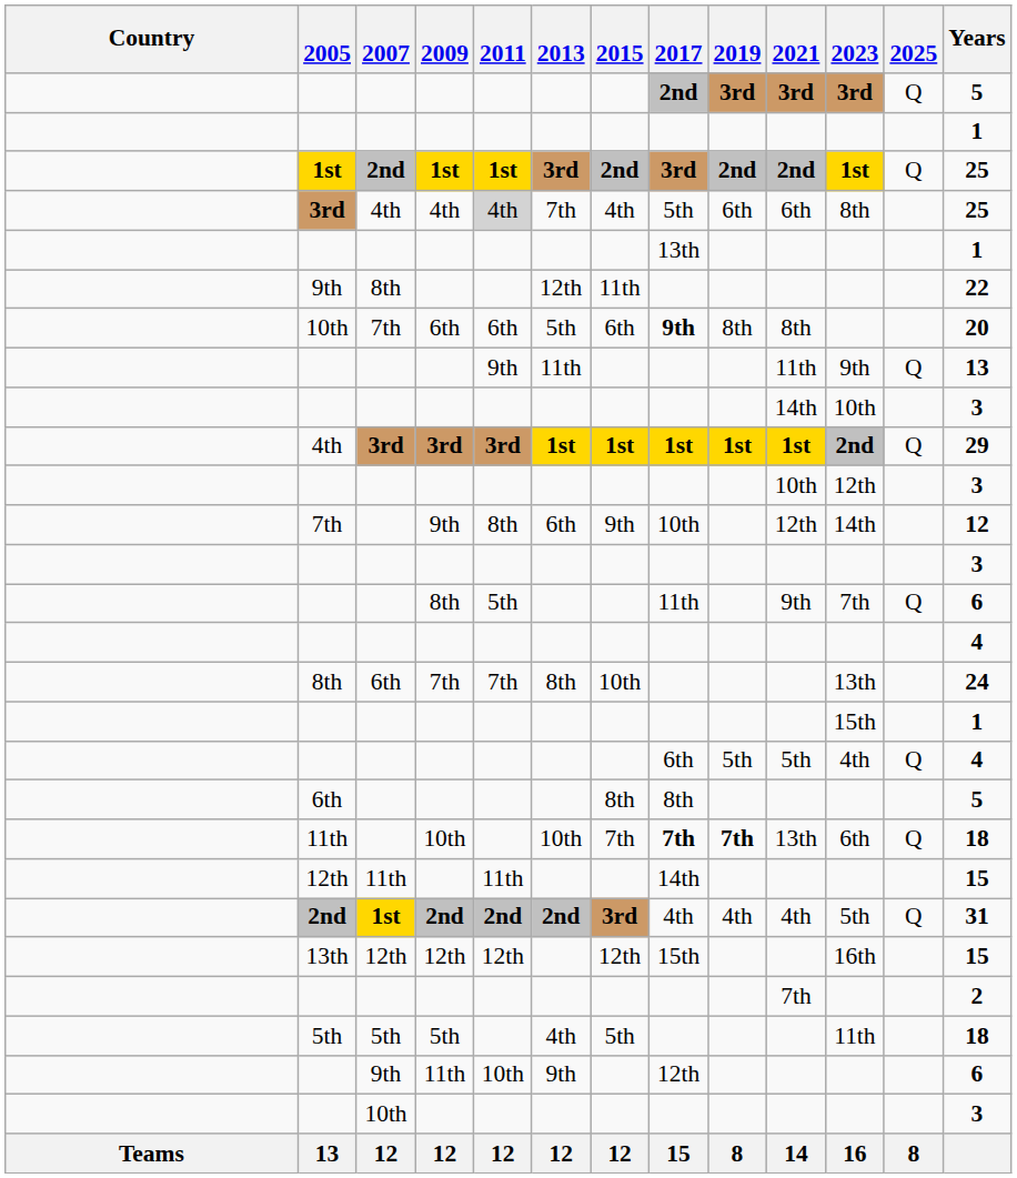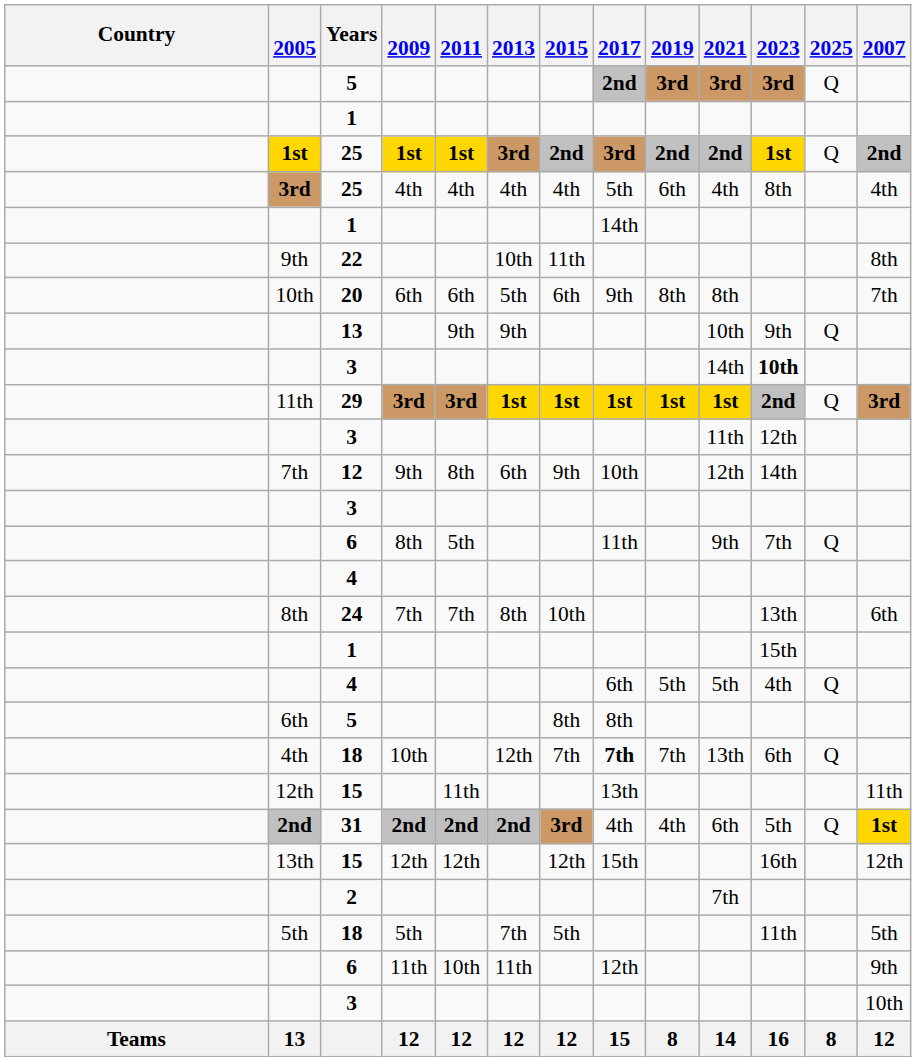 <table class="wikitable" style="text-align:center; font-size:90%">
 <tr>
 <th width=170>Country</th>
 <th><br><a href='#'>2005</a></th>
-<th><br><a href='#'>2007</a></th>
+<th>Years</th>
 <th><br><a href='#'>2009</a></th>
 <th><br><a href='#'>2011</a></th>
 <th><br><a href='#'>2013</a></th>
 <th><br><a href='#'>2015</a></th>
 <th><br><a href='#'>2017</a></th>
 <th><br><a href='#'>2019</a></th>
 <th><br><a href='#'>2021</a></th>
 <th><br><a href='#'>2023</a></th>
 <th><br><a href='#'>2025</a></th>
-<th>Years</th>
+<th><br><a href='#'>2007</a></th>
 </tr>
 <tr>
 <td align=left></td>
 <td></td>
-<td></td>
+<td><strong>5</strong></td>
 <td></td>
 <td></td>
 <td></td>
 <td></td>
 <td bgcolor=silver><strong>2nd</strong></td>
 <td bgcolor=#cc9966><strong>3rd</strong></td>
 <td bgcolor=#cc9966><strong>3rd</strong></td>
 <td bgcolor=#cc9966><strong>3rd</strong></td>
 <td>Q</td>
-<td><strong>5</strong></td>
+<td></td>
 </tr>
 <tr>
 <td align=left></td>
+<td></td>
+<td><strong>1</strong></td>
 <td></td>
 <td></td>
 <td></td>
 <td></td>
 <td></td>
 <td></td>
 <td></td>
 <td></td>
 <td></td>
 <td></td>
-<td></td>
-<td><strong>1</strong></td>
 </tr>
 <tr>
 <td align=left></td>
 <td bgcolor=gold><strong>1st</strong></td>
-<td bgcolor=silver><strong>2nd</strong></td>
+<td><strong>25</strong></td>
 <td bgcolor=gold><strong>1st</strong></td>
 <td bgcolor=gold><strong>1st</strong></td>
 <td bgcolor=#cc9966><strong>3rd</strong></td>
 <td bgcolor=silver><strong>2nd</strong></td>
 <td bgcolor=#cc9966><strong>3rd</strong></td>
 <td bgcolor=silver><strong>2nd</strong></td>
 <td bgcolor=silver><strong>2nd</strong></td>
 <td bgcolor=gold><strong>1st</strong></td>
 <td>Q</td>
-<td><strong>25</strong></td>
+<td bgcolor=silver><strong>2nd</strong></td>
 </tr>
 <tr>
 <td align=left></td>
 <td bgcolor=#cc9966><strong>3rd</strong></td>
+<td><strong>25</strong></td>
 <td>4th</td>
 <td>4th</td>
-<td style="background: lightgrey;">4th</td>
-<td>7th</td>
+<td>4th</td>
 <td>4th</td>
 <td>5th</td>
 <td>6th</td>
-<td>6th</td>
+<td>4th</td>
 <td>8th</td>
 <td></td>
-<td><strong>25</strong></td>
+<td>4th</td>
 </tr>
 <tr>
 <td align=left></td>
+<td></td>
+<td><strong>1</strong></td>
+<td></td>
+<td></td>
+<td></td>
+<td></td>
+<td>14th</td>
 <td></td>
 <td></td>
 <td></td>
 <td></td>
 <td></td>
-<td></td>
-<td>13th</td>
-<td></td>
-<td></td>
-<td></td>
-<td></td>
-<td><strong>1</strong></td>
 </tr>
 <tr>
 <td align=left></td>
 <td>9th</td>
-<td>8th</td>
+<td><strong>22</strong></td>
 <td></td>
 <td></td>
-<td>12th</td>
+<td>10th</td>
 <td>11th</td>
 <td></td>
 <td></td>
 <td></td>
 <td></td>
 <td></td>
-<td><strong>22</strong></td>
+<td>8th</td>
 </tr>
 <tr>
 <td align=left></td>
 <td>10th</td>
-<td>7th</td>
+<td><strong>20</strong></td>
 <td>6th</td>
 <td>6th</td>
 <td>5th</td>
 <td>6th</td>
-<td><strong>9th</strong></td>
+<td>9th</td>
 <td>8th</td>
 <td>8th</td>
 <td></td>
 <td></td>
-<td><strong>20</strong></td>
+<td>7th</td>
 </tr>
 <tr>
 <td align=left></td>
 <td></td>
-<td></td>
+<td><strong>13</strong></td>
 <td></td>
 <td>9th</td>
-<td>11th</td>
+<td>9th</td>
 <td></td>
 <td></td>
 <td></td>
-<td>11th</td>
+<td>10th</td>
 <td>9th</td>
 <td>Q</td>
-<td><strong>13</strong></td>
+<td></td>
 </tr>
 <tr>
 <td align=left></td>
 <td></td>
-<td></td>
+<td><strong>3</strong></td>
 <td></td>
 <td></td>
 <td></td>
 <td></td>
 <td></td>
 <td></td>
 <td>14th</td>
-<td>10th</td>
+<td><strong>10th</strong></td>
 <td></td>
-<td><strong>3</strong></td>
+<td></td>
 </tr>
 <tr>
 <td align=left></td>
-<td>4th</td>
-<td bgcolor=#cc9966><strong>3rd</strong></td>
+<td>11th</td>
+<td><strong>29</strong></td>
 <td bgcolor=#cc9966><strong>3rd</strong></td>
 <td bgcolor=#cc9966><strong>3rd</strong></td>
 <td bgcolor=gold><strong>1st</strong></td>
 <td bgcolor=gold><strong>1st</strong></td>
 <td bgcolor=gold><strong>1st</strong></td>
 <td bgcolor=gold><strong>1st</strong></td>
 <td bgcolor=gold><strong>1st</strong></td>
 <td bgcolor=silver><strong>2nd</strong></td>
 <td>Q</td>
-<td><strong>29</strong></td>
+<td bgcolor=#cc9966><strong>3rd</strong></td>
 </tr>
 <tr>
 <td align=left></td>
+<td></td>
+<td><strong>3</strong></td>
 <td></td>
 <td></td>
 <td></td>
 <td></td>
 <td></td>
 <td></td>
+<td>11th</td>
+<td>12th</td>
 <td></td>
 <td></td>
-<td>10th</td>
-<td>12th</td>
-<td></td>
-<td><strong>3</strong></td>
 </tr>
 <tr>
 <td align=left></td>
 <td>7th</td>
-<td></td>
+<td><strong>12</strong></td>
 <td>9th</td>
 <td>8th</td>
 <td>6th</td>
 <td>9th</td>
 <td>10th</td>
 <td></td>
 <td>12th</td>
 <td>14th</td>
 <td></td>
-<td><strong>12</strong></td>
+<td></td>
 </tr>
 <tr>
 <td align=left></td>
+<td></td>
+<td><strong>3</strong></td>
 <td></td>
 <td></td>
 <td></td>
 <td></td>
 <td></td>
 <td></td>
 <td></td>
 <td></td>
 <td></td>
 <td></td>
-<td></td>
-<td><strong>3</strong></td>
 </tr>
 <tr>
 <td align=left></td>
 <td></td>
-<td></td>
+<td><strong>6</strong></td>
 <td>8th</td>
 <td>5th</td>
 <td></td>
 <td></td>
 <td>11th</td>
 <td></td>
 <td>9th</td>
 <td>7th</td>
 <td>Q</td>
-<td><strong>6</strong></td>
+<td></td>
 </tr>
 <tr>
 <td align=left></td>
+<td></td>
+<td><strong>4</strong></td>
 <td></td>
 <td></td>
 <td></td>
 <td></td>
 <td></td>
 <td></td>
 <td></td>
 <td></td>
 <td></td>
 <td></td>
-<td></td>
-<td><strong>4</strong></td>
 </tr>
 <tr>
 <td align=left></td>
 <td>8th</td>
-<td>6th</td>
+<td><strong>24</strong></td>
 <td>7th</td>
 <td>7th</td>
 <td>8th</td>
 <td>10th</td>
 <td></td>
 <td></td>
 <td></td>
 <td>13th</td>
 <td></td>
-<td><strong>24</strong></td>
+<td>6th</td>
 </tr>
 <tr>
 <td align=left></td>
+<td></td>
+<td><strong>1</strong></td>
+<td></td>
+<td></td>
+<td></td>
+<td></td>
+<td></td>
+<td></td>
+<td></td>
+<td>15th</td>
+<td></td>
+<td></td>
+</tr>
+<tr>
+<td align=left></td>
+<td></td>
+<td><strong>4</strong></td>
+<td></td>
+<td></td>
+<td></td>
+<td></td>
+<td>6th</td>
+<td>5th</td>
+<td>5th</td>
+<td>4th</td>
+<td>Q</td>
+<td></td>
+</tr>
+<tr>
+<td align=left></td>
+<td>6th</td>
+<td><strong>5</strong></td>
+<td></td>
+<td></td>
+<td></td>
+<td>8th</td>
+<td>8th</td>
+<td></td>
+<td></td>
+<td></td>
+<td></td>
+<td></td>
+</tr>
+<tr>
+<td align=left></td>
+<td>4th</td>
+<td><strong>18</strong></td>
+<td>10th</td>
+<td></td>
+<td>12th</td>
+<td>7th</td>
+<td><strong>7th</strong></td>
+<td>7th</td>
+<td>13th</td>
+<td>6th</td>
+<td>Q</td>
+<td></td>
+</tr>
+<tr>
+<td align=left></td>
+<td>12th</td>
+<td><strong>15</strong></td>
+<td></td>
+<td>11th</td>
+<td></td>
+<td></td>
+<td>13th</td>
+<td></td>
+<td></td>
+<td></td>
+<td></td>
+<td>11th</td>
+</tr>
+<tr>
+<td align=left></td>
+<td bgcolor=silver><strong>2nd</strong></td>
+<td><strong>31</strong></td>
+<td bgcolor=silver><strong>2nd</strong></td>
+<td bgcolor=silver><strong>2nd</strong></td>
+<td bgcolor=silver><strong>2nd</strong></td>
+<td bgcolor=#cc9966><strong>3rd</strong></td>
+<td>4th</td>
+<td>4th</td>
+<td>6th</td>
+<td>5th</td>
+<td>Q</td>
+<td bgcolor=gold><strong>1st</strong></td>
+</tr>
+<tr>
+<td align=left></td>
+<td>13th</td>
+<td><strong>15</strong></td>
+<td>12th</td>
+<td>12th</td>
+<td></td>
+<td>12th</td>
+<td>15th</td>
+<td></td>
+<td></td>
+<td>16th</td>
+<td></td>
+<td>12th</td>
+</tr>
+<tr>
+<td align=left></td>
+<td></td>
+<td><strong>2</strong></td>
+<td></td>
+<td></td>
+<td></td>
+<td></td>
+<td></td>
+<td></td>
+<td>7th</td>
+<td></td>
+<td></td>
+<td></td>
+</tr>
+<tr>
+<td align=left></td>
+<td>5th</td>
+<td><strong>18</strong></td>
+<td>5th</td>
+<td></td>
+<td>7th</td>
+<td>5th</td>
+<td></td>
+<td></td>
+<td></td>
+<td>11th</td>
+<td></td>
+<td>5th</td>
+</tr>
+<tr>
+<td align=left></td>
+<td></td>
+<td><strong>6</strong></td>
+<td>11th</td>
+<td>10th</td>
+<td>11th</td>
+<td></td>
+<td>12th</td>
+<td></td>
+<td></td>
+<td></td>
+<td></td>
+<td>9th</td>
+</tr>
+<tr>
+<td align=left></td>
+<td></td>
+<td><strong>3</strong></td>
 <td></td>
 <td></td>
 <td></td>
 <td></td>
 <td></td>
 <td></td>
 <td></td>
 <td></td>
 <td></td>
-<td>15th</td>
-<td></td>
-<td><strong>1</strong></td>
-</tr>
-<tr>
-<td align=left></td>
-<td></td>
-<td></td>
-<td></td>
-<td></td>
-<td></td>
-<td></td>
-<td>6th</td>
-<td>5th</td>
-<td>5th</td>
-<td>4th</td>
-<td>Q</td>
-<td><strong>4</strong></td>
-</tr>
-<tr>
-<td align=left></td>
-<td>6th</td>
-<td></td>
-<td></td>
-<td></td>
-<td></td>
-<td>8th</td>
-<td>8th</td>
-<td></td>
-<td></td>
-<td></td>
-<td></td>
-<td><strong>5</strong></td>
-</tr>
-<tr>
-<td align=left></td>
-<td>11th</td>
-<td></td>
 <td>10th</td>
-<td></td>
-<td>10th</td>
-<td>7th</td>
-<td><strong>7th</strong></td>
-<td><strong>7th</strong></td>
-<td>13th</td>
-<td>6th</td>
-<td>Q</td>
-<td><strong>18</strong></td>
-</tr>
-<tr>
-<td align=left></td>
-<td>12th</td>
-<td>11th</td>
-<td></td>
-<td>11th</td>
-<td></td>
-<td></td>
-<td>14th</td>
-<td></td>
-<td></td>
-<td></td>
-<td></td>
-<td><strong>15</strong></td>
-</tr>
-<tr>
-<td align=left></td>
-<td bgcolor=silver><strong>2nd</strong></td>
-<td bgcolor=gold><strong>1st</strong></td>
-<td bgcolor=silver><strong>2nd</strong></td>
-<td bgcolor=silver><strong>2nd</strong></td>
-<td bgcolor=silver><strong>2nd</strong></td>
-<td bgcolor=#cc9966><strong>3rd</strong></td>
-<td>4th</td>
-<td>4th</td>
-<td>4th</td>
-<td>5th</td>
-<td>Q</td>
-<td><strong>31</strong></td>
-</tr>
-<tr>
-<td align=left></td>
-<td>13th</td>
-<td>12th</td>
-<td>12th</td>
-<td>12th</td>
-<td></td>
-<td>12th</td>
-<td>15th</td>
-<td></td>
-<td></td>
-<td>16th</td>
-<td></td>
-<td><strong>15</strong></td>
-</tr>
-<tr>
-<td align=left></td>
-<td></td>
-<td></td>
-<td></td>
-<td></td>
-<td></td>
-<td></td>
-<td></td>
-<td></td>
-<td>7th</td>
-<td></td>
-<td></td>
-<td><strong>2</strong></td>
-</tr>
-<tr>
-<td align=left></td>
-<td>5th</td>
-<td>5th</td>
-<td>5th</td>
-<td></td>
-<td>4th</td>
-<td>5th</td>
-<td></td>
-<td></td>
-<td></td>
-<td>11th</td>
-<td></td>
-<td><strong>18</strong></td>
-</tr>
-<tr>
-<td align=left></td>
-<td></td>
-<td>9th</td>
-<td>11th</td>
-<td>10th</td>
-<td>9th</td>
-<td></td>
-<td>12th</td>
-<td></td>
-<td></td>
-<td></td>
-<td></td>
-<td><strong>6</strong></td>
-</tr>
-<tr>
-<td align=left></td>
-<td></td>
-<td>10th</td>
-<td></td>
-<td></td>
-<td></td>
-<td></td>
-<td></td>
-<td></td>
-<td></td>
-<td></td>
-<td></td>
-<td><strong>3</strong></td>
 </tr>
 <tr>
 <th>Teams</th>
 <th>13</th>
-<th>12</th>
+<th></th>
 <th>12</th>
 <th>12</th>
 <th>12</th>
 <th>12</th>
 <th>15</th>
 <th>8</th>
 <th>14</th>
 <th>16</th>
 <th>8</th>
-<th></th>
+<th>12</th>
 </tr>
 </table>
